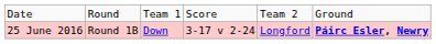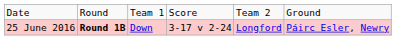 <table class="wikitable">
 <tr>
 <td>Date</td>
 <td>Round</td>
 <td>Team 1</td>
 <td>Score</td>
 <td>Team 2</td>
 <td>Ground</td>
 </tr>
 <tr style="background:#fdcbcb;">
 <td>25 June 2016</td>
-<td>Round 1B</td>
+<td><strong>Round 1B</strong></td>
 <td><a href='#'>Down</a></td>
 <td>3-17 v 2-24</td>
 <td><a href='#'>Longford</a></td>
-<td><strong><a href='#'>Páirc Esler</a>, <a href='#'>Newry</a></strong></td>
+<td><a href='#'>Páirc Esler</a>, <a href='#'>Newry</a></td>
 </tr>
 </table>
